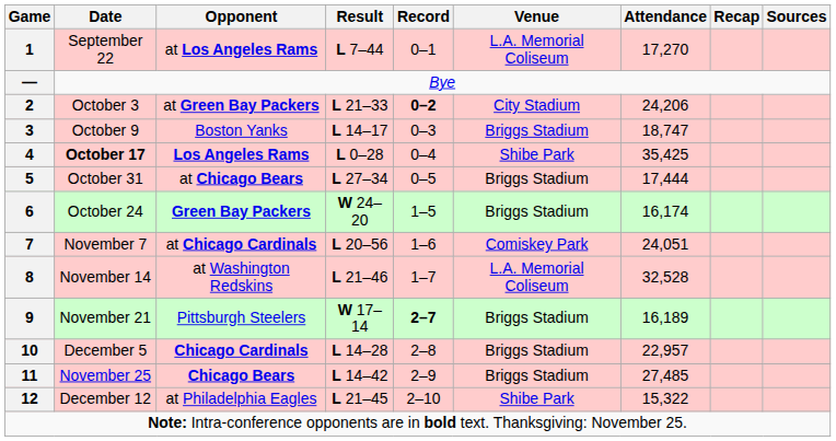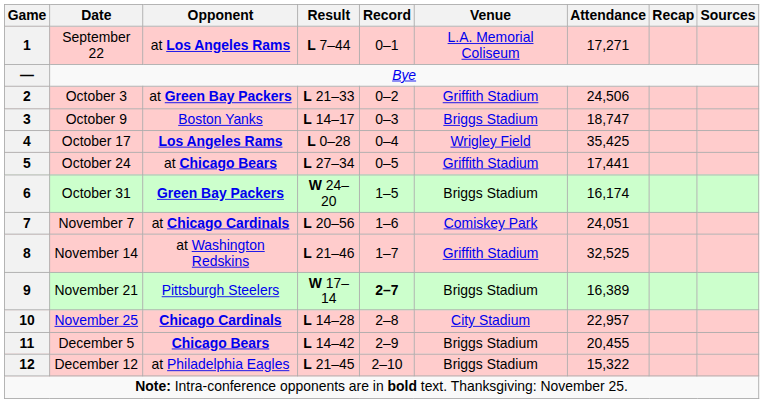 <table class="wikitable" style="text-align:center">
 <tr>
 <th>Game</th>
 <th>Date</th>
 <th>Opponent</th>
 <th>Result</th>
 <th>Record</th>
 <th>Venue</th>
 <th>Attendance</th>
 <th>Recap</th>
 <th>Sources</th>
 </tr>
 <tr style="background:#fcc">
 <th>1</th>
 <td>September 22</td>
 <td>at <strong><a href='#'>Los Angeles Rams</a></strong></td>
 <td><strong>L</strong> 7–44</td>
 <td>0–1</td>
 <td><a href='#'>L.A. Memorial Coliseum</a></td>
-<td>17,270</td>
+<td>17,271</td>
 <td></td>
 <td></td>
 </tr>
 <tr>
 <th>—</th>
 <td colspan="8"><em><a href='#'>Bye</a></em></td>
 </tr>
 <tr style="background:#fcc">
 <th>2</th>
 <td>October 3</td>
 <td>at <strong><a href='#'>Green Bay Packers</a></strong></td>
 <td><strong>L</strong> 21–33</td>
-<td><strong>0–2</strong></td>
-<td><a href='#'>City Stadium</a></td>
-<td>24,206</td>
+<td>0–2</td>
+<td><a href='#'>Griffith Stadium</a></td>
+<td>24,506</td>
 <td></td>
 <td></td>
 </tr>
 <tr style="background:#fcc">
 <th>3</th>
 <td>October 9</td>
 <td><a href='#'>Boston Yanks</a></td>
 <td><strong>L</strong> 14–17</td>
 <td>0–3</td>
 <td><a href='#'>Briggs Stadium</a></td>
 <td>18,747</td>
 <td></td>
 <td></td>
 </tr>
 <tr style="background:#fcc">
 <th>4</th>
-<td><strong>October 17</strong></td>
+<td>October 17</td>
 <td><strong><a href='#'>Los Angeles Rams</a></strong></td>
 <td><strong>L</strong> 0–28</td>
 <td>0–4</td>
-<td><a href='#'>Shibe Park</a></td>
+<td><a href='#'>Wrigley Field</a></td>
 <td>35,425</td>
 <td></td>
 <td></td>
 </tr>
 <tr style="background:#fcc">
 <th>5</th>
-<td>October 31</td>
+<td>October 24</td>
 <td>at <strong><a href='#'>Chicago Bears</a></strong></td>
 <td><strong>L</strong> 27–34</td>
 <td>0–5</td>
-<td>Briggs Stadium</td>
-<td>17,444</td>
+<td><a href='#'>Griffith Stadium</a></td>
+<td>17,441</td>
 <td></td>
 <td></td>
 </tr>
 <tr style="background:#cfc">
 <th>6</th>
-<td>October 24</td>
+<td>October 31</td>
 <td><strong><a href='#'>Green Bay Packers</a></strong></td>
 <td><strong>W</strong> 24–20</td>
 <td>1–5</td>
 <td>Briggs Stadium</td>
 <td>16,174</td>
 <td></td>
 <td></td>
 </tr>
 <tr style="background:#fcc">
 <th>7</th>
 <td>November 7</td>
 <td>at <strong><a href='#'>Chicago Cardinals</a></strong></td>
 <td><strong>L</strong> 20–56</td>
 <td>1–6</td>
 <td><a href='#'>Comiskey Park</a></td>
 <td>24,051</td>
 <td></td>
 <td></td>
 </tr>
 <tr style="background:#fcc">
 <th>8</th>
 <td>November 14</td>
 <td>at <a href='#'>Washington Redskins</a></td>
 <td><strong>L</strong> 21–46</td>
 <td>1–7</td>
-<td><a href='#'>L.A. Memorial Coliseum</a></td>
-<td>32,528</td>
+<td><a href='#'>Griffith Stadium</a></td>
+<td>32,525</td>
 <td></td>
 <td></td>
 </tr>
 <tr style="background:#cfc">
 <th>9</th>
 <td>November 21</td>
 <td><a href='#'>Pittsburgh Steelers</a></td>
 <td><strong>W</strong> 17–14</td>
 <td><strong>2–7</strong></td>
 <td>Briggs Stadium</td>
-<td>16,189</td>
+<td>16,389</td>
 <td></td>
 <td></td>
 </tr>
 <tr style="background:#fcc">
 <th>10</th>
-<td>December 5</td>
+<td><a href='#'>November 25</a></td>
 <td><strong><a href='#'>Chicago Cardinals</a></strong></td>
 <td><strong>L</strong> 14–28</td>
 <td>2–8</td>
-<td>Briggs Stadium</td>
+<td><a href='#'>City Stadium</a></td>
 <td>22,957</td>
 <td></td>
 <td></td>
 </tr>
 <tr style="background:#fcc">
 <th>11</th>
-<td><a href='#'>November 25</a></td>
+<td>December 5</td>
 <td><strong><a href='#'>Chicago Bears</a></strong></td>
 <td><strong>L</strong> 14–42</td>
 <td>2–9</td>
 <td>Briggs Stadium</td>
-<td>27,485</td>
+<td>20,455</td>
 <td></td>
 <td></td>
 </tr>
 <tr style="background:#fcc">
 <th>12</th>
 <td>December 12</td>
 <td>at <a href='#'>Philadelphia Eagles</a></td>
 <td><strong>L</strong> 21–45</td>
 <td>2–10</td>
-<td><a href='#'>Shibe Park</a></td>
+<td>Briggs Stadium</td>
 <td>15,322</td>
 <td></td>
 <td></td>
 </tr>
 <tr>
 <td colspan="10"><strong>Note:</strong> Intra-conference opponents are in <strong>bold</strong> text. Thanksgiving: November 25.</td>
 </tr>
 </table>
